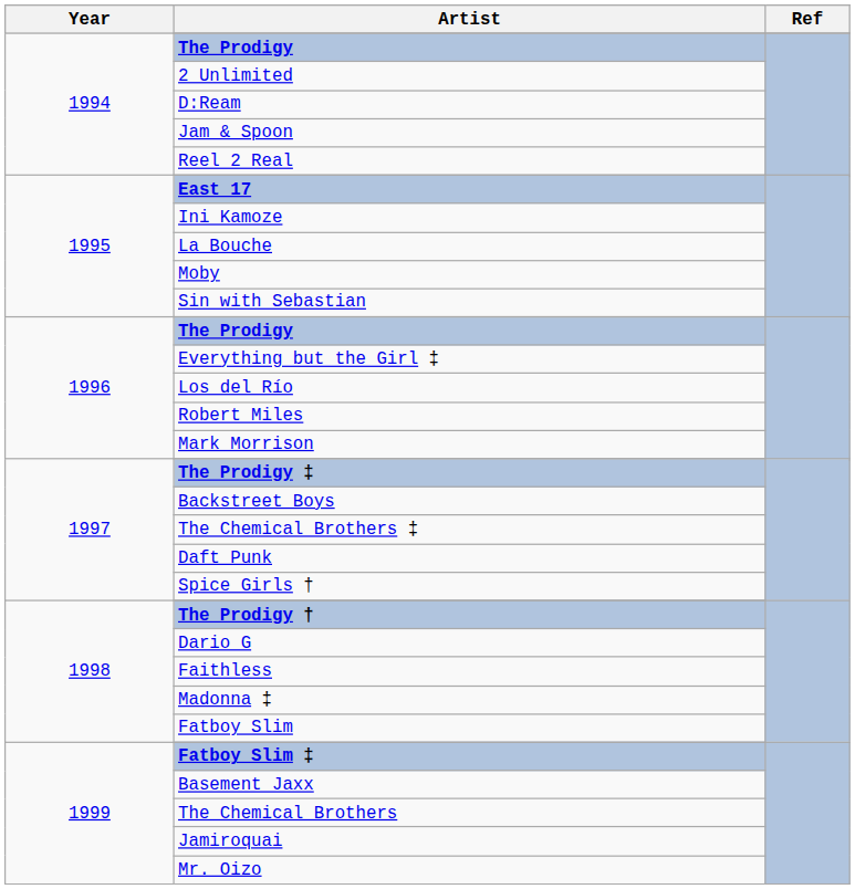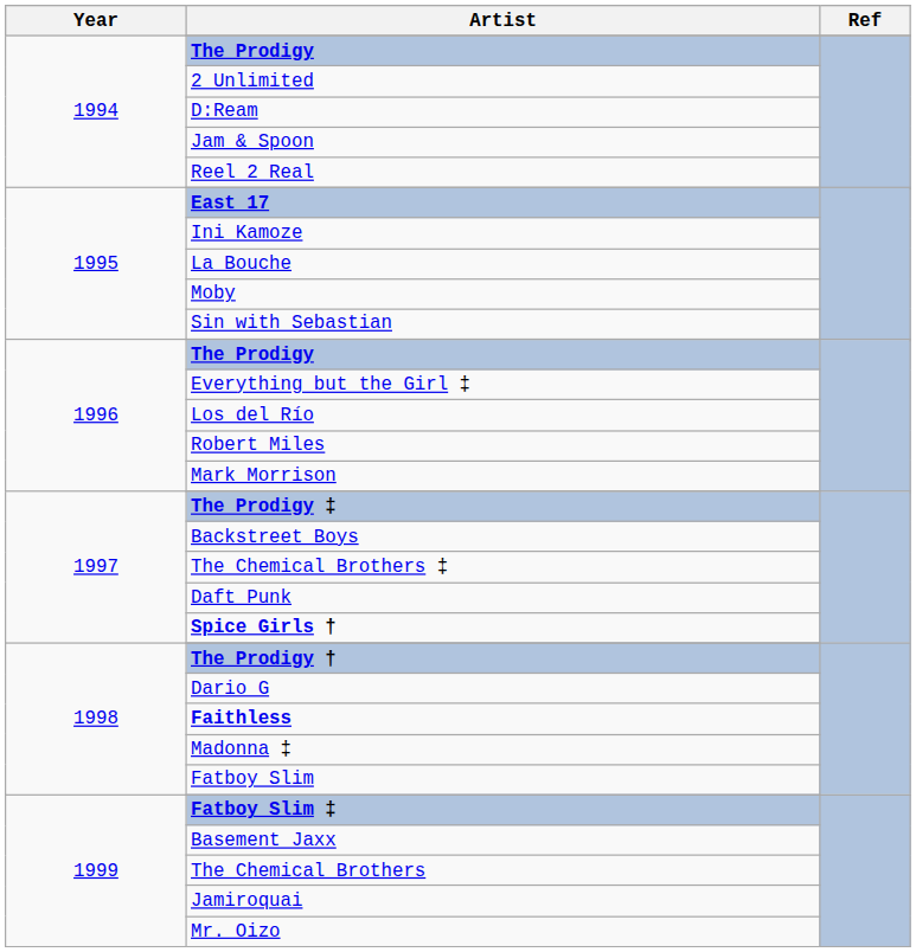 <table class="wikitable" style="width:50%;">
 <tr style="background:#bebebe;">
 <th style="width:10%;">Year</th>
 <th style="width:35%;">Artist</th>
 <th style="width:5%;">Ref</th>
 </tr>
 <tr>
 <td rowspan="6" align="center"><a href='#'>1994</a></td>
 </tr>
 <tr style="background:#B0C4DE">
 <td><strong><a href='#'>The Prodigy</a></strong></td>
 <td rowspan="6" align="center"></td>
 </tr>
 <tr>
 <td><a href='#'>2 Unlimited</a></td>
 </tr>
 <tr>
 <td><a href='#'>D:Ream</a></td>
 </tr>
 <tr>
 <td><a href='#'>Jam & Spoon</a></td>
 </tr>
 <tr>
 <td><a href='#'>Reel 2 Real</a></td>
 </tr>
 <tr>
 <td rowspan="6" align="center"><a href='#'>1995</a></td>
 </tr>
 <tr style="background:#B0C4DE">
 <td><strong><a href='#'>East 17</a></strong></td>
 <td rowspan="6" align="center"></td>
 </tr>
 <tr>
 <td><a href='#'>Ini Kamoze</a></td>
 </tr>
 <tr>
 <td><a href='#'>La Bouche</a></td>
 </tr>
 <tr>
 <td><a href='#'>Moby</a></td>
 </tr>
 <tr>
 <td><a href='#'>Sin with Sebastian</a></td>
 </tr>
 <tr>
 <td rowspan="6" align="center"><a href='#'>1996</a></td>
 </tr>
 <tr style="background:#B0C4DE">
 <td><strong><a href='#'>The Prodigy</a></strong></td>
 <td rowspan="6" align="center"></td>
 </tr>
 <tr>
 <td><a href='#'>Everything but the Girl</a> ‡</td>
 </tr>
 <tr>
 <td><a href='#'>Los del Río</a></td>
 </tr>
 <tr>
 <td><a href='#'>Robert Miles</a></td>
 </tr>
 <tr>
 <td><a href='#'>Mark Morrison</a></td>
 </tr>
 <tr>
 <td rowspan="6" align="center"><a href='#'>1997</a></td>
 </tr>
 <tr style="background:#B0C4DE">
 <td><strong><a href='#'>The Prodigy</a> ‡</strong></td>
 <td rowspan="6" align="center"></td>
 </tr>
 <tr>
 <td><a href='#'>Backstreet Boys</a></td>
 </tr>
 <tr>
 <td><a href='#'>The Chemical Brothers</a> ‡</td>
 </tr>
 <tr>
 <td><a href='#'>Daft Punk</a></td>
 </tr>
 <tr>
-<td><a href='#'>Spice Girls</a> †</td>
+<td><strong><a href='#'>Spice Girls</a> †</strong></td>
 </tr>
 <tr>
 <td rowspan="6" align="center"><a href='#'>1998</a></td>
 </tr>
 <tr style="background:#B0C4DE">
 <td><strong><a href='#'>The Prodigy</a> †</strong></td>
 <td rowspan="6" align="center"></td>
 </tr>
 <tr>
 <td><a href='#'>Dario G</a></td>
 </tr>
 <tr>
-<td><a href='#'>Faithless</a></td>
+<td><strong><a href='#'>Faithless</a></strong></td>
 </tr>
 <tr>
 <td><a href='#'>Madonna</a> ‡</td>
 </tr>
 <tr>
 <td><a href='#'>Fatboy Slim</a></td>
 </tr>
 <tr>
 <td rowspan="6" align="center"><a href='#'>1999</a></td>
 </tr>
 <tr style="background:#B0C4DE">
 <td><strong><a href='#'>Fatboy Slim</a> ‡</strong></td>
 <td rowspan="6" align="center"></td>
 </tr>
 <tr>
 <td><a href='#'>Basement Jaxx</a></td>
 </tr>
 <tr>
 <td><a href='#'>The Chemical Brothers</a></td>
 </tr>
 <tr>
 <td><a href='#'>Jamiroquai</a></td>
 </tr>
 <tr>
 <td><a href='#'>Mr. Oizo</a></td>
 </tr>
 </table>
